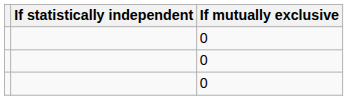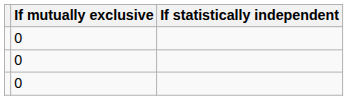 <table class="wikitable">
 <tr>
 <th></th>
+<th><strong>If mutually exclusive</strong></th>
 <th><strong>If statistically independent</strong></th>
-<th><strong>If mutually exclusive</strong></th>
 </tr>
 <tr>
 <td></td>
+<td>0</td>
 <td></td>
-<td>0</td>
 </tr>
 <tr>
 <td></td>
+<td>0</td>
 <td></td>
-<td>0</td>
 </tr>
 <tr>
 <td></td>
+<td>0</td>
 <td></td>
-<td>0</td>
 </tr>
 </table>
